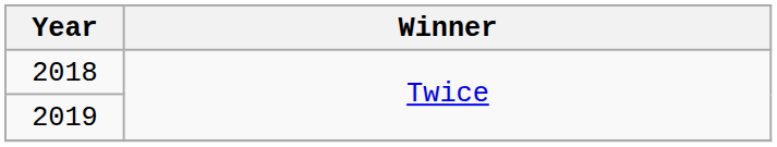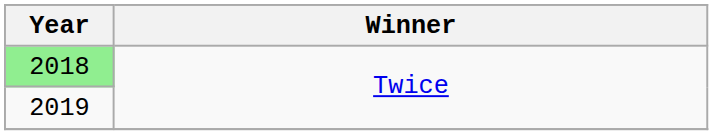 <table class="wikitable" style="text-align: center">
 <tr>
 <th width="50">Year</th>
 <th width="300">Winner</th>
 </tr>
 <tr>
-<td>2018</td>
+<td style="background: lightgreen;">2018</td>
 <td rowspan="2"><a href='#'>Twice</a></td>
 </tr>
 <tr>
 <td>2019</td>
 </tr>
 <tr>
 </tr>
 </table>
